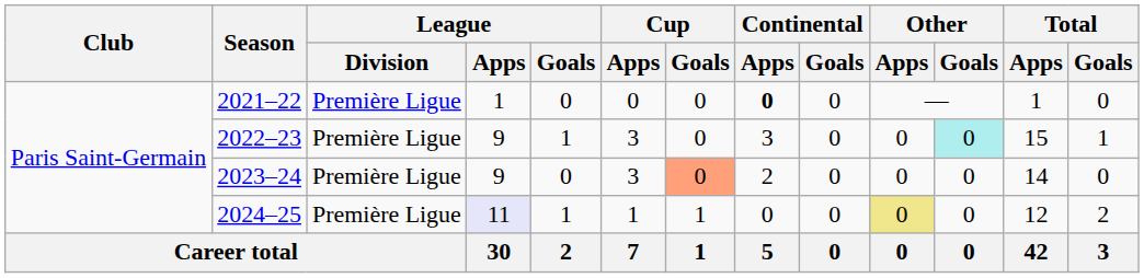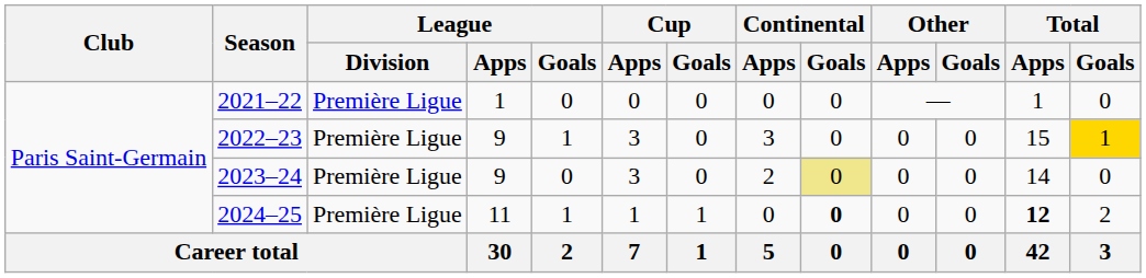 <table class="wikitable" style="text-align: center;">
 <tr>
 <th rowspan="2">Club</th>
 <th rowspan="2">Season</th>
 <th colspan="3">League</th>
 <th colspan="2">Cup</th>
 <th colspan="2">Continental</th>
 <th colspan="2">Other</th>
 <th colspan="2">Total</th>
 </tr>
 <tr>
 <th>Division</th>
 <th>Apps</th>
 <th>Goals</th>
 <th>Apps</th>
 <th>Goals</th>
 <th>Apps</th>
 <th>Goals</th>
 <th>Apps</th>
 <th>Goals</th>
 <th>Apps</th>
 <th>Goals</th>
 </tr>
 <tr>
 <td rowspan="4"><a href='#'>Paris Saint-Germain</a></td>
 <td><a href='#'>2021–22</a></td>
 <td><a href='#'>Première Ligue</a></td>
 <td>1</td>
 <td>0</td>
 <td>0</td>
 <td>0</td>
-<td><strong>0</strong></td>
+<td>0</td>
 <td>0</td>
 <td colspan="2">—</td>
 <td>1</td>
 <td>0</td>
 </tr>
 <tr>
 <td><a href='#'>2022–23</a></td>
 <td>Première Ligue</td>
 <td>9</td>
 <td>1</td>
 <td>3</td>
 <td>0</td>
 <td>3</td>
 <td>0</td>
 <td>0</td>
-<td style="background: paleturquoise;">0</td>
+<td>0</td>
 <td>15</td>
-<td>1</td>
+<td style="background: gold;">1</td>
 </tr>
 <tr>
 <td><a href='#'>2023–24</a></td>
 <td>Première Ligue</td>
 <td>9</td>
 <td>0</td>
 <td>3</td>
-<td style="background: lightsalmon;">0</td>
+<td>0</td>
 <td>2</td>
-<td>0</td>
+<td style="background: khaki;">0</td>
 <td>0</td>
 <td>0</td>
 <td>14</td>
 <td>0</td>
 </tr>
 <tr>
 <td><a href='#'>2024–25</a></td>
 <td>Première Ligue</td>
-<td style="background: lavender;">11</td>
+<td>11</td>
 <td>1</td>
 <td>1</td>
 <td>1</td>
 <td>0</td>
+<td><strong>0</strong></td>
 <td>0</td>
-<td style="background: khaki;">0</td>
 <td>0</td>
-<td>12</td>
+<td><strong>12</strong></td>
 <td>2</td>
 </tr>
 <tr>
 <th colspan=3>Career total</th>
 <th>30</th>
 <th>2</th>
 <th>7</th>
 <th>1</th>
 <th>5</th>
 <th>0</th>
 <th>0</th>
 <th>0</th>
 <th>42</th>
 <th>3</th>
 </tr>
 </table>
